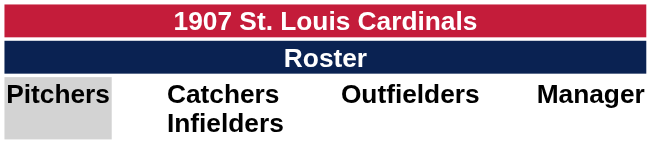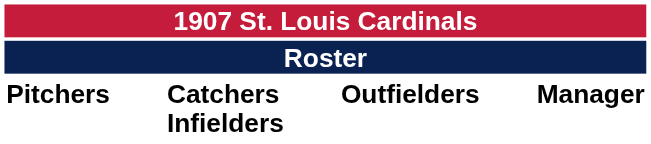 <table class="toccolours" style="font-size: 95%;">
 <tr>
 <th colspan="10" style="background-color: #c41c3a; color: white; text-align: center;">1907 St. Louis Cardinals</th>
 </tr>
 <tr>
 <td colspan="10" style="background-color: #0a2252; color: white; text-align: center;"><strong>Roster</strong></td>
 </tr>
 <tr>
-<td valign="top" style="background: lightgrey;"><strong>Pitchers</strong><br>        </td>
+<td valign="top"><strong>Pitchers</strong><br>        </td>
 <td width="25px"></td>
 <td valign="top"><strong>Catchers</strong><br>  <strong>Infielders</strong>         </td>
 <td width="25px"></td>
 <td valign="top"><strong>Outfielders</strong><br>         </td>
 <td width="25px"></td>
 <td valign="top"><strong>Manager</strong><br></td>
 </tr>
 </table>
